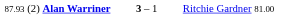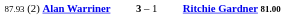 <table style="text-align:center">
 <tr>
 <th width=223></th>
 <th width=100></th>
 <th width=223></th>
 </tr>
 <tr>
 <td align=right><small>87.93</small> (2) <strong><a href='#'>Alan Warriner</a></strong> </td>
 <td><strong>3</strong> – 1</td>
-<td align=left> <a href='#'>Ritchie Gardner</a> <small>81.00</small></td>
+<td align=left><strong> <a href='#'>Ritchie Gardner</a> <small>81.00</small></strong></td>
 </tr>
 </table>
